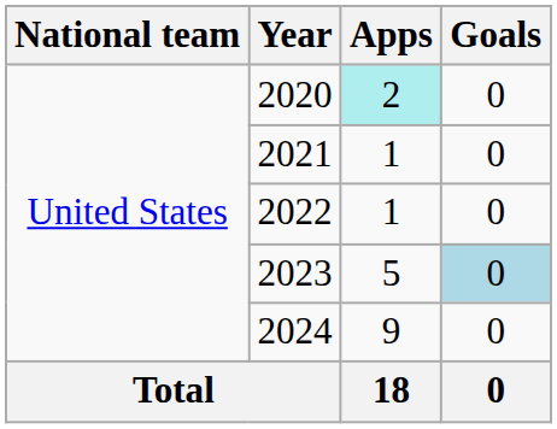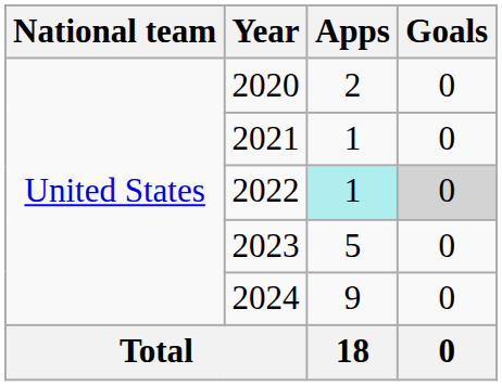 <table class="wikitable" style="text-align:center">
 <tr>
 <th>National team</th>
 <th>Year</th>
 <th>Apps</th>
 <th>Goals</th>
 </tr>
 <tr>
 <td rowspan="5"><a href='#'>United States</a></td>
 <td>2020</td>
-<td style="background: paleturquoise;">2</td>
+<td>2</td>
 <td>0</td>
 </tr>
 <tr>
 <td>2021</td>
 <td>1</td>
 <td>0</td>
 </tr>
 <tr>
 <td>2022</td>
-<td>1</td>
-<td>0</td>
+<td style="background: paleturquoise;">1</td>
+<td style="background: lightgrey;">0</td>
 </tr>
 <tr>
 <td>2023</td>
 <td>5</td>
-<td style="background: lightblue;">0</td>
+<td>0</td>
 </tr>
 <tr>
 <td>2024</td>
 <td>9</td>
 <td>0</td>
 </tr>
 <tr>
 <th colspan="2">Total</th>
 <th>18</th>
 <th>0</th>
 </tr>
 </table>
